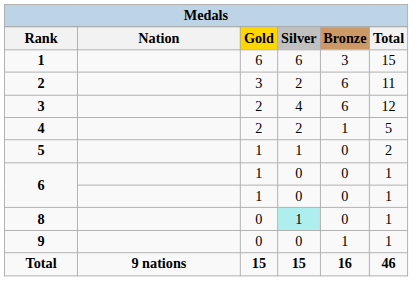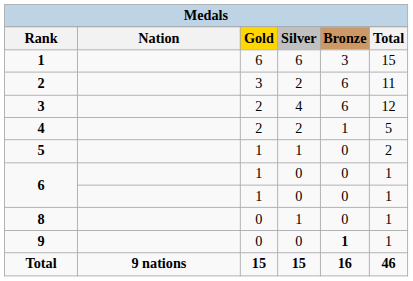 <table class="wikitable" style="text-align:center">
 <tr>
 <td colspan="6" style="background:#BCD4E6"><strong>Medals</strong></td>
 </tr>
 <tr>
 </tr>
 <tr style="background-color:#EDEDED;">
 <th width="75px" class="hintergrundfarbe5">Rank</th>
 <th width="175px" class="hintergrundfarbe6">Nation</th>
 <th style="background:    gold; width:35px ">Gold</th>
 <th style="background:  silver; width:35px ">Silver</th>
 <th style="background: #CC9966; width:35px ">Bronze</th>
 <th width="35px">Total</th>
 </tr>
 <tr>
 <td><strong>1</strong></td>
 <td align=left><em></em></td>
 <td>6</td>
 <td>6</td>
 <td>3</td>
 <td>15</td>
 </tr>
 <tr>
 <td><strong>2</strong></td>
 <td align=left></td>
 <td>3</td>
 <td>2</td>
 <td>6</td>
 <td>11</td>
 </tr>
 <tr>
 <td><strong>3</strong></td>
 <td align=left></td>
 <td>2</td>
 <td>4</td>
 <td>6</td>
 <td>12</td>
 </tr>
 <tr>
 <td><strong>4</strong></td>
 <td align=left></td>
 <td>2</td>
 <td>2</td>
 <td>1</td>
 <td>5</td>
 </tr>
 <tr>
 <td><strong>5</strong></td>
 <td align=left></td>
 <td>1</td>
 <td>1</td>
 <td>0</td>
 <td>2</td>
 </tr>
 <tr>
 <td rowspan=2><strong>6</strong></td>
 <td align=left><em></em></td>
 <td>1</td>
 <td>0</td>
 <td>0</td>
 <td>1</td>
 </tr>
 <tr>
 <td align=left></td>
 <td>1</td>
 <td>0</td>
 <td>0</td>
 <td>1</td>
 </tr>
 <tr>
 <td><strong>8</strong></td>
 <td align=left></td>
 <td>0</td>
-<td style="background: paleturquoise;">1</td>
+<td>1</td>
 <td>0</td>
 <td>1</td>
 </tr>
 <tr>
 <td><strong>9</strong></td>
 <td align=left></td>
 <td>0</td>
 <td>0</td>
-<td>1</td>
+<td><strong>1</strong></td>
 <td>1</td>
 </tr>
 <tr>
 <td><strong>Total</strong></td>
 <td><strong>9 nations</strong></td>
 <td><strong>15</strong></td>
 <td><strong>15</strong></td>
 <td><strong>16</strong></td>
 <td><strong>46</strong></td>
 </tr>
 </table>
